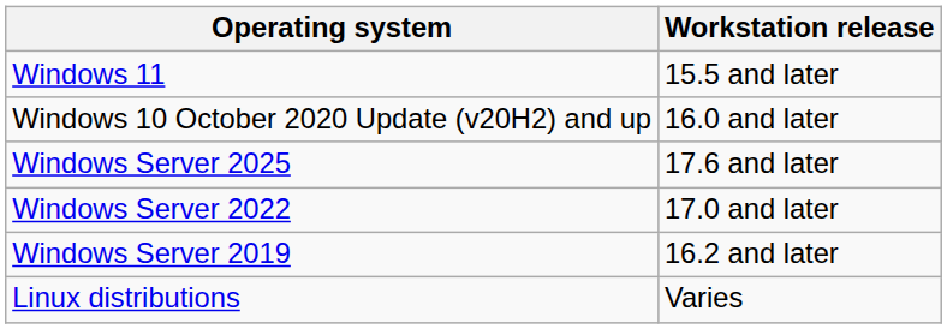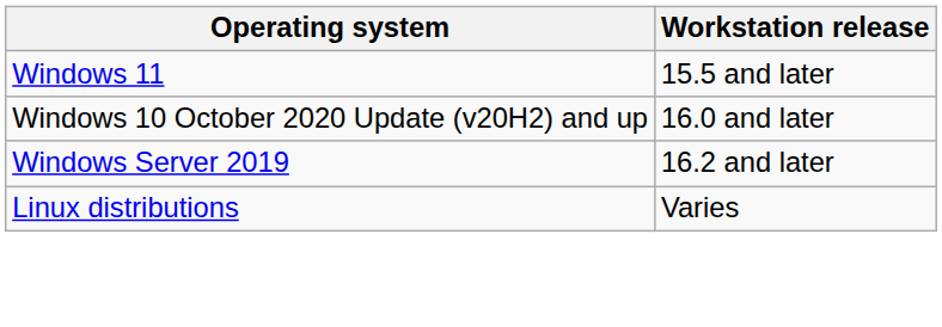 <table class="wikitable" style="display: inline-table;">
 <tr>
 <th>Operating system</th>
 <th>Workstation release</th>
 </tr>
 <tr>
 <td><a href='#'>Windows 11</a></td>
 <td>15.5 and later</td>
 </tr>
 <tr>
 <td>Windows 10 October 2020 Update (v20H2) and up</td>
 <td>16.0 and later</td>
 </tr>
 <tr>
-<td><a href='#'>Windows Server 2025</a></td>
-<td>17.6 and later</td>
-</tr>
-<tr>
-<td><a href='#'>Windows Server 2022</a></td>
-<td>17.0 and later</td>
-</tr>
-<tr>
 <td><a href='#'>Windows Server 2019</a></td>
 <td>16.2 and later</td>
 </tr>
 <tr>
 <td><a href='#'>Linux distributions</a></td>
 <td>Varies</td>
 </tr>
 </table>
